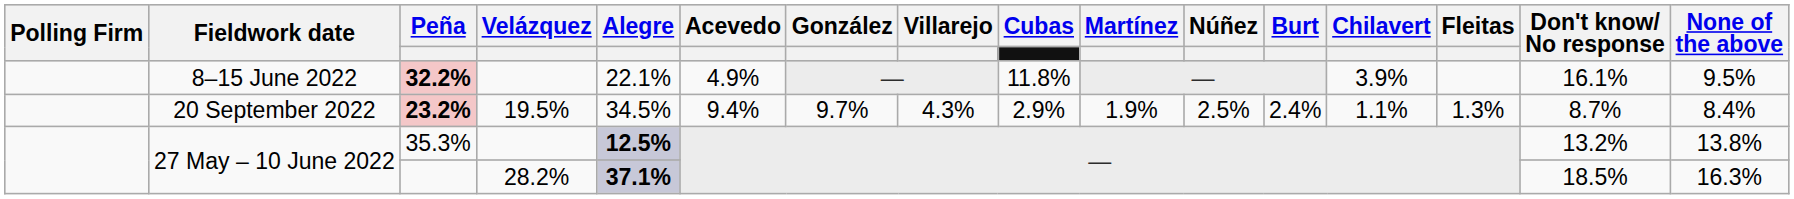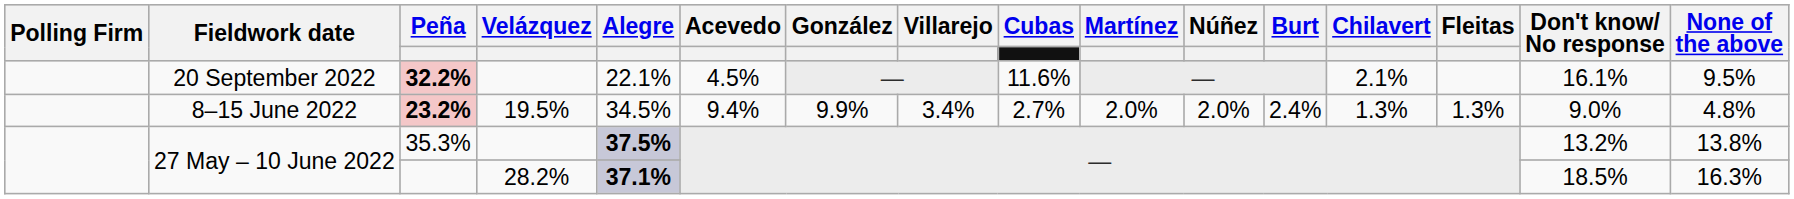 <table class="wikitable" style="text-align:center;font-size:90%;line-height:14px;">
 <tr>
 <th scope="col" rowspan="2">Polling Firm</th>
 <th scope="col" rowspan="2">Fieldwork date</th>
 <th scope="col"><a href='#'>Peña</a><br></th>
 <th scope="col"><a href='#'>Velázquez</a><br></th>
 <th scope="col"><a href='#'>Alegre</a><br></th>
 <th scope="col">Acevedo<br></th>
 <th scope="col">González<br></th>
 <th scope="col">Villarejo<br></th>
 <th scope="col"><a href='#'>Cubas</a><br></th>
 <th scope="col"><a href='#'>Martínez</a><br></th>
 <th scope="col">Núñez<br></th>
 <th scope="col"><a href='#'>Burt</a><br></th>
 <th scope="col"><a href='#'>Chilavert</a><br></th>
 <th scope="col">Fleitas<br></th>
 <th scope="col" rowspan="2">Don't know/<br>No response</th>
 <th scope="col" rowspan="2"><a href='#'>None of<br>the above</a></th>
 </tr>
 <tr>
 <th scope="col" class="unsortable" style="background:"></th>
 <th scope="col" class="unsortable" style="background:"></th>
 <th scope="col" class="unsortable" style="background:"></th>
 <th scope="col" class="unsortable" style="background:"></th>
 <th scope="col" class="unsortable" style="background:"></th>
 <th scope="col" class="unsortable" style="background:"></th>
 <th scope="col" class="unsortable" style="background:#111111;"></th>
 <th scope="col" class="unsortable" style="background:"></th>
 <th scope="col" class="unsortable" style="background:"></th>
 <th scope="col" class="unsortable" style="background:"></th>
 <th scope="col" class="unsortable" style="background:"></th>
 <th scope="col" class="unsortable" style="background:"></th>
 </tr>
 <tr>
 <td></td>
-<td scope="row">8–15 June 2022</td>
+<td scope="row">20 September 2022</td>
 <td style="background:#f4c7c8"><strong>32.2%</strong></td>
 <td></td>
 <td>22.1%</td>
-<td>4.9%</td>
+<td>4.5%</td>
 <td colspan="2" data-sort-value="" style="background: #ececec; color: #2C2C2C; vertical-align: middle; text-align: center; " class="table-na">—</td>
-<td>11.8%</td>
+<td>11.6%</td>
 <td colspan="3" data-sort-value="" style="background: #ececec; color: #2C2C2C; vertical-align: middle; text-align: center; " class="table-na">—</td>
-<td>3.9%</td>
+<td>2.1%</td>
 <td></td>
 <td>16.1%</td>
 <td>9.5%</td>
 </tr>
 <tr>
 <td></td>
-<td scope="row">20 September 2022</td>
+<td scope="row">8–15 June 2022</td>
 <td style="background:#f4c7c8"><strong>23.2%</strong></td>
 <td>19.5%</td>
 <td>34.5%</td>
 <td>9.4%</td>
-<td>9.7%</td>
-<td>4.3%</td>
-<td>2.9%</td>
-<td>1.9%</td>
-<td>2.5%</td>
+<td>9.9%</td>
+<td>3.4%</td>
+<td>2.7%</td>
+<td>2.0%</td>
+<td>2.0%</td>
 <td>2.4%</td>
-<td>1.1%</td>
 <td>1.3%</td>
-<td>8.7%</td>
-<td>8.4%</td>
+<td>1.3%</td>
+<td>9.0%</td>
+<td>4.8%</td>
 </tr>
 <tr>
 <td rowspan="2"></td>
 <td scope="row" rowspan="2">27 May – 10 June 2022</td>
 <td>35.3%</td>
 <td></td>
-<td style="background:#c7c8d8"><strong>12.5%</strong></td>
+<td style="background:#c7c8d8"><strong>37.5%</strong></td>
 <td rowspan="2" colspan="9" data-sort-value="" style="background: #ececec; color: #2C2C2C; vertical-align: middle; text-align: center; " class="table-na">—</td>
 <td>13.2%</td>
 <td>13.8%</td>
 </tr>
 <tr>
 <td></td>
 <td>28.2%</td>
 <td style="background:#c7c8d8"><strong>37.1%</strong></td>
 <td>18.5%</td>
 <td>16.3%</td>
 </tr>
 </table>
